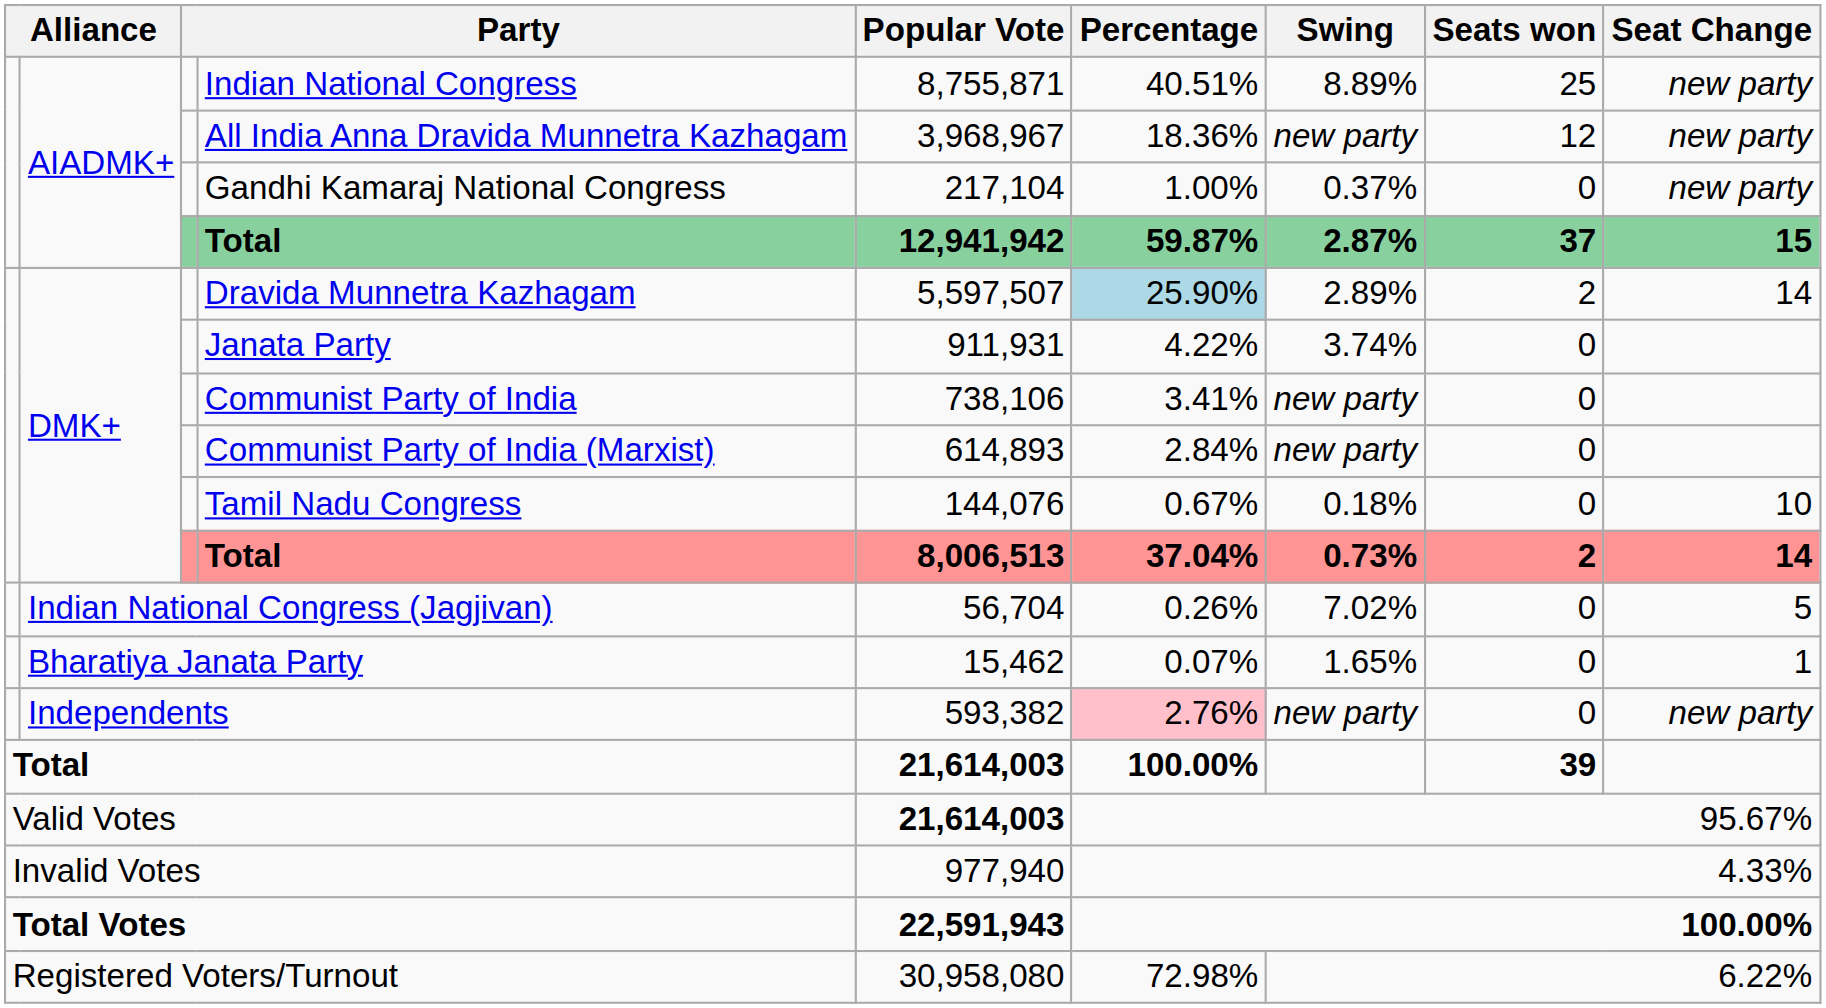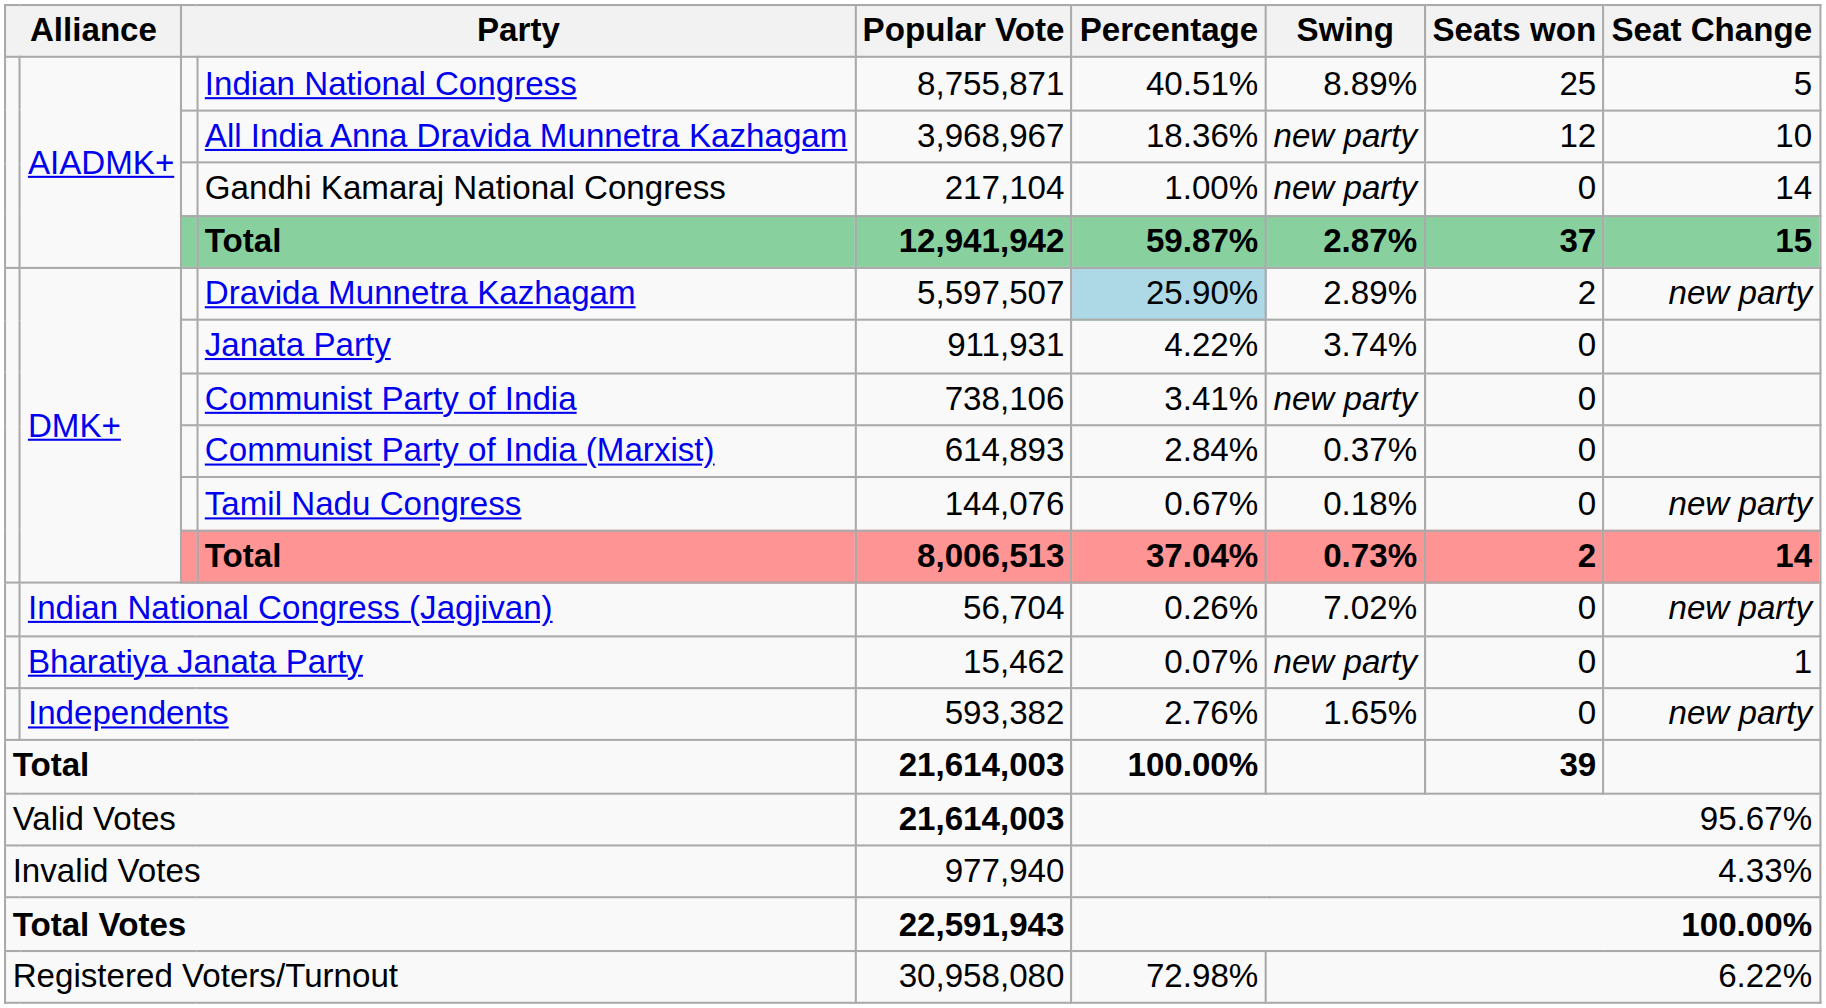 <table class='wikitable'>
 <tr>
 <th colspan="2" align=centre>Alliance</th>
 <th colspan="2" align=centre>Party</th>
 <th align=centre>Popular Vote</th>
 <th align=centre>Percentage</th>
 <th align=centre>Swing</th>
 <th align=centre>Seats won</th>
 <th align=centre>Seat Change</th>
 </tr>
 <tr>
 <td rowspan="4"></td>
 <td rowspan="4"><a href='#'>AIADMK+</a></td>
 <td></td>
 <td><a href='#'>Indian National Congress</a></td>
 <td align=right>8,755,871</td>
 <td align=right>40.51%</td>
 <td align=right>8.89%</td>
 <td align=right>25</td>
-<td align=right><em>new party</em></td>
+<td align=right>5</td>
 </tr>
 <tr>
 <td></td>
 <td><a href='#'>All India Anna Dravida Munnetra Kazhagam</a></td>
 <td align=right>3,968,967</td>
 <td align=right>18.36%</td>
 <td align=right><em>new party</em></td>
 <td align=right>12</td>
-<td align=right><em>new party</em></td>
+<td align=right>10</td>
 </tr>
 <tr>
 <td></td>
 <td>Gandhi Kamaraj National Congress</td>
 <td align=right>217,104</td>
 <td align=right>1.00%</td>
-<td align=right>0.37%</td>
+<td align=right><em>new party</em></td>
 <td align=right>0</td>
-<td align=right><em>new party</em></td>
+<td align=right>14</td>
 </tr>
 <tr>
 <td style="background:#88D19F"></td>
 <td style="background:#88D19F" align=left><strong>Total</strong></td>
 <td style="background:#88D19F" align=right><strong>12,941,942</strong></td>
 <td style="background:#88D19F" align=right><strong>59.87%</strong></td>
 <td style="background:#88D19F" align=right><strong>2.87%</strong></td>
 <td style="background:#88D19F" align=right><strong>37</strong></td>
 <td style="background:#88D19F" align=right><strong>15</strong></td>
 </tr>
 <tr>
 <td rowspan="6"></td>
 <td rowspan="6"><a href='#'>DMK+</a></td>
 <td></td>
 <td><a href='#'>Dravida Munnetra Kazhagam</a></td>
 <td align=right>5,597,507</td>
 <td align=right style="background: lightblue;">25.90%</td>
 <td align=right>2.89%</td>
 <td align=right>2</td>
-<td align=right>14</td>
+<td align=right><em>new party</em></td>
 </tr>
 <tr>
 <td></td>
 <td><a href='#'>Janata Party</a></td>
 <td align=right>911,931</td>
 <td align=right>4.22%</td>
 <td align=right>3.74%</td>
 <td align=right>0</td>
 <td align=right></td>
 </tr>
 <tr>
 <td></td>
 <td><a href='#'>Communist Party of India</a></td>
 <td align=right>738,106</td>
 <td align=right>3.41%</td>
 <td align=right><em>new party</em></td>
 <td align=right>0</td>
 <td align=right></td>
 </tr>
 <tr>
 <td></td>
 <td><a href='#'>Communist Party of India (Marxist)</a></td>
 <td align=right>614,893</td>
 <td align=right>2.84%</td>
-<td align=right><em>new party</em></td>
+<td align=right>0.37%</td>
 <td align=right>0</td>
 <td align=right></td>
 </tr>
 <tr>
 <td></td>
 <td><a href='#'>Tamil Nadu Congress</a></td>
 <td align=right>144,076</td>
 <td align=right>0.67%</td>
 <td align=right>0.18%</td>
 <td align=right>0</td>
-<td align=right>10</td>
+<td align=right><em>new party</em></td>
 </tr>
 <tr>
 <td style="background:#FF9494"></td>
 <td style="background:#FF9494" align=left><strong>Total</strong></td>
 <td style="background:#FF9494" align=right><strong>8,006,513</strong></td>
 <td style="background:#FF9494" align=right><strong>37.04%</strong></td>
 <td style="background:#FF9494" align=right><strong>0.73%</strong></td>
 <td style="background:#FF9494" align=right><strong>2</strong></td>
 <td style="background:#FF9494" align=right><strong>14</strong></td>
 </tr>
 <tr>
 <td></td>
 <td colspan="3" align=left><a href='#'>Indian National Congress (Jagjivan)</a></td>
 <td align=right>56,704</td>
 <td align=right>0.26%</td>
 <td align=right>7.02%</td>
 <td align=right>0</td>
-<td align=right>5</td>
+<td align=right><em>new party</em></td>
 </tr>
 <tr>
 <td></td>
 <td colspan="3" align=left><a href='#'>Bharatiya Janata Party</a></td>
 <td align=right>15,462</td>
 <td align=right>0.07%</td>
-<td align=right>1.65%</td>
+<td align=right><em>new party</em></td>
 <td align=right>0</td>
 <td align=right>1</td>
 </tr>
 <tr>
 <td></td>
 <td colspan="3" align=left><a href='#'>Independents</a></td>
 <td align=right>593,382</td>
-<td align=right style="background: pink;">2.76%</td>
-<td align=right><em>new party</em></td>
+<td align=right>2.76%</td>
+<td align=right>1.65%</td>
 <td align=right>0</td>
 <td align=right><em>new party</em></td>
 </tr>
 <tr>
 <td colspan="4" align=left><strong>Total</strong></td>
 <td align=right><strong>21,614,003</strong></td>
 <td align=right><strong>100.00%</strong></td>
 <td align=right></td>
 <td align=right><strong>39</strong></td>
 <td align=right></td>
 </tr>
 <tr>
 <td colspan="4" align=left>Valid Votes</td>
 <td align=right><strong>21,614,003</strong></td>
 <td colspan="4" align=right>95.67%</td>
 </tr>
 <tr>
 <td colspan="4" align=left>Invalid Votes</td>
 <td align=right>977,940</td>
 <td colspan="4" align=right>4.33%</td>
 </tr>
 <tr>
 <td colspan="4" align=left><strong>Total Votes</strong></td>
 <td align=right><strong>22,591,943</strong></td>
 <td colspan="4" align=right><strong>100.00%</strong></td>
 </tr>
 <tr>
 <td colspan="4" align=left>Registered Voters/Turnout</td>
 <td align=right>30,958,080</td>
 <td align=right>72.98%</td>
 <td colspan="3" align=right>6.22%</td>
 </tr>
 </table>
